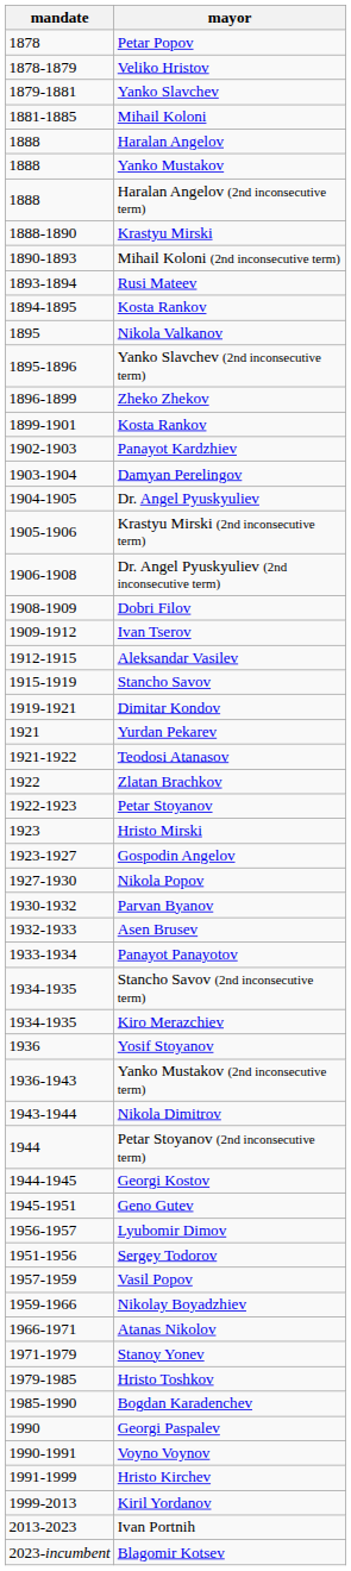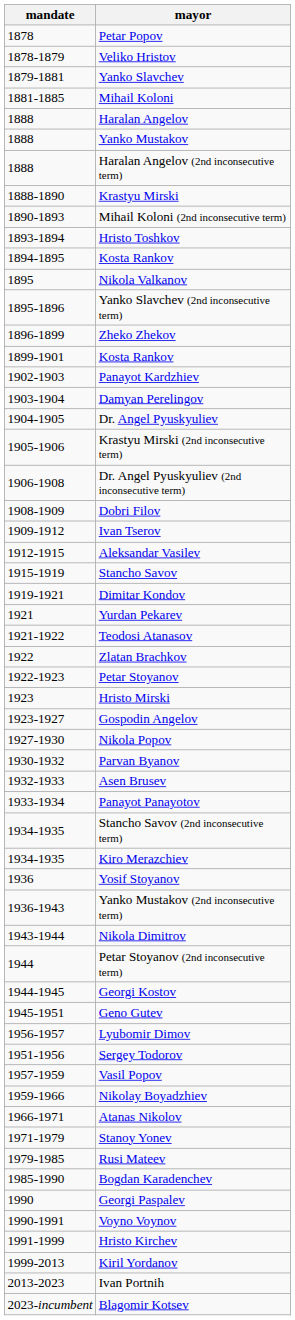 <table class="wikitable">
 <tr>
 <th>mandate</th>
 <th width="230px">mayor</th>
 </tr>
 <tr>
 <td>1878</td>
 <td><a href='#'>Petar Popov</a></td>
 </tr>
 <tr>
 <td>1878-1879</td>
 <td><a href='#'>Veliko Hristov</a></td>
 </tr>
 <tr>
 <td>1879-1881</td>
 <td><a href='#'>Yanko Slavchev</a></td>
 </tr>
 <tr>
 <td>1881-1885</td>
 <td><a href='#'>Mihail Koloni</a></td>
 </tr>
 <tr>
 <td>1888</td>
 <td><a href='#'>Haralan Angelov</a></td>
 </tr>
 <tr>
 <td>1888</td>
 <td><a href='#'>Yanko Mustakov</a></td>
 </tr>
 <tr>
 <td>1888</td>
 <td>Haralan Angelov <small>(2nd inconsecutive term)</small></td>
 </tr>
 <tr>
 <td>1888-1890</td>
 <td><a href='#'>Krastyu Mirski</a></td>
 </tr>
 <tr>
 <td>1890-1893</td>
 <td>Mihail Koloni <small>(2nd inconsecutive term)</small></td>
 </tr>
 <tr>
 <td>1893-1894</td>
-<td><a href='#'>Rusi Mateev</a></td>
+<td><a href='#'>Hristo Toshkov</a></td>
 </tr>
 <tr>
 <td>1894-1895</td>
 <td><a href='#'>Kosta Rankov</a></td>
 </tr>
 <tr>
 <td>1895</td>
 <td><a href='#'>Nikola Valkanov</a></td>
 </tr>
 <tr>
 <td>1895-1896</td>
 <td>Yanko Slavchev <small>(2nd inconsecutive term)</small></td>
 </tr>
 <tr>
 <td>1896-1899</td>
 <td><a href='#'>Zheko Zhekov</a></td>
 </tr>
 <tr>
 <td>1899-1901</td>
 <td><a href='#'>Kosta Rankov</a></td>
 </tr>
 <tr>
 <td>1902-1903</td>
 <td><a href='#'>Panayot Kardzhiev</a></td>
 </tr>
 <tr>
 <td>1903-1904</td>
 <td><a href='#'>Damyan Perelingov</a></td>
 </tr>
 <tr>
 <td>1904-1905</td>
 <td>Dr. <a href='#'>Angel Pyuskyuliev</a></td>
 </tr>
 <tr>
 <td>1905-1906</td>
 <td>Krastyu Mirski <small>(2nd inconsecutive term)</small></td>
 </tr>
 <tr>
 <td>1906-1908</td>
 <td>Dr. Angel Pyuskyuliev <small>(2nd inconsecutive term)</small></td>
 </tr>
 <tr>
 <td>1908-1909</td>
 <td><a href='#'>Dobri Filov</a></td>
 </tr>
 <tr>
 <td>1909-1912</td>
 <td><a href='#'>Ivan Tserov</a></td>
 </tr>
 <tr>
 <td>1912-1915</td>
 <td><a href='#'>Aleksandar Vasilev</a></td>
 </tr>
 <tr>
 <td>1915-1919</td>
 <td><a href='#'>Stancho Savov</a></td>
 </tr>
 <tr>
 <td>1919-1921</td>
 <td><a href='#'>Dimitar Kondov</a></td>
 </tr>
 <tr>
 <td>1921</td>
 <td><a href='#'>Yurdan Pekarev</a></td>
 </tr>
 <tr>
 <td>1921-1922</td>
 <td><a href='#'>Teodosi Atanasov</a></td>
 </tr>
 <tr>
 <td>1922</td>
 <td><a href='#'>Zlatan Brachkov</a></td>
 </tr>
 <tr>
 <td>1922-1923</td>
 <td><a href='#'>Petar Stoyanov</a></td>
 </tr>
 <tr>
 <td>1923</td>
 <td><a href='#'>Hristo Mirski</a></td>
 </tr>
 <tr>
 <td>1923-1927</td>
 <td><a href='#'>Gospodin Angelov</a></td>
 </tr>
 <tr>
 <td>1927-1930</td>
 <td><a href='#'>Nikola Popov</a></td>
 </tr>
 <tr>
 <td>1930-1932</td>
 <td><a href='#'>Parvan Byanov</a></td>
 </tr>
 <tr>
 <td>1932-1933</td>
 <td><a href='#'>Asen Brusev</a></td>
 </tr>
 <tr>
 <td>1933-1934</td>
 <td><a href='#'>Panayot Panayotov</a></td>
 </tr>
 <tr>
 <td>1934-1935</td>
 <td>Stancho Savov <small>(2nd inconsecutive term)</small></td>
 </tr>
 <tr>
 <td>1934-1935</td>
 <td><a href='#'>Kiro Merazchiev</a></td>
 </tr>
 <tr>
 <td>1936</td>
 <td><a href='#'>Yosif Stoyanov</a></td>
 </tr>
 <tr>
 <td>1936-1943</td>
 <td>Yanko Mustakov <small>(2nd inconsecutive term)</small></td>
 </tr>
 <tr>
 <td>1943-1944</td>
 <td><a href='#'>Nikola Dimitrov</a></td>
 </tr>
 <tr>
 <td>1944</td>
 <td>Petar Stoyanov <small>(2nd inconsecutive term)</small></td>
 </tr>
 <tr>
 <td>1944-1945</td>
 <td><a href='#'>Georgi Kostov</a></td>
 </tr>
 <tr>
 <td>1945-1951</td>
 <td><a href='#'>Geno Gutev</a></td>
 </tr>
 <tr>
 <td>1956-1957</td>
 <td><a href='#'>Lyubomir Dimov</a></td>
 </tr>
 <tr>
 <td>1951-1956</td>
 <td><a href='#'>Sergey Todorov</a></td>
 </tr>
 <tr>
 <td>1957-1959</td>
 <td><a href='#'>Vasil Popov</a></td>
 </tr>
 <tr>
 <td>1959-1966</td>
 <td><a href='#'>Nikolay Boyadzhiev</a></td>
 </tr>
 <tr>
 <td>1966-1971</td>
 <td><a href='#'>Atanas Nikolov</a></td>
 </tr>
 <tr>
 <td>1971-1979</td>
 <td><a href='#'>Stanoy Yonev</a></td>
 </tr>
 <tr>
 <td>1979-1985</td>
-<td><a href='#'>Hristo Toshkov</a></td>
+<td><a href='#'>Rusi Mateev</a></td>
 </tr>
 <tr>
 <td>1985-1990</td>
 <td><a href='#'>Bogdan Karadenchev</a></td>
 </tr>
 <tr>
 <td>1990</td>
 <td><a href='#'>Georgi Paspalev</a></td>
 </tr>
 <tr>
 <td>1990-1991</td>
 <td><a href='#'>Voyno Voynov</a></td>
 </tr>
 <tr>
 <td>1991-1999</td>
 <td><a href='#'>Hristo Kirchev</a></td>
 </tr>
 <tr>
 <td>1999-2013</td>
 <td><a href='#'>Kiril Yordanov</a></td>
 </tr>
 <tr>
 <td>2013-2023</td>
 <td>Ivan Portnih</td>
 </tr>
 <tr>
 <td>2023-<em>incumbent</em></td>
 <td><a href='#'>Blagomir Kotsev</a></td>
 </tr>
 </table>
